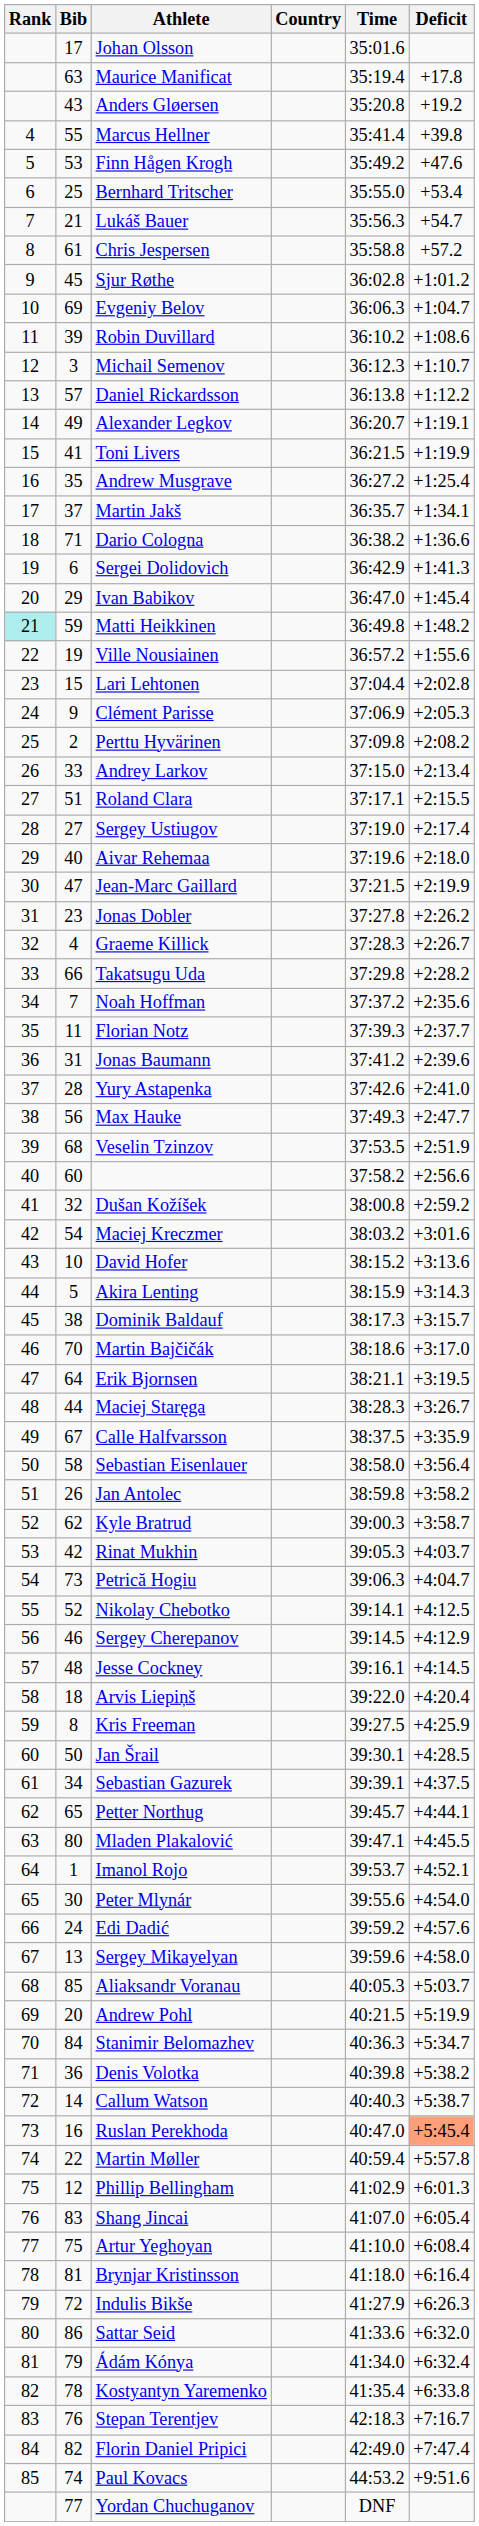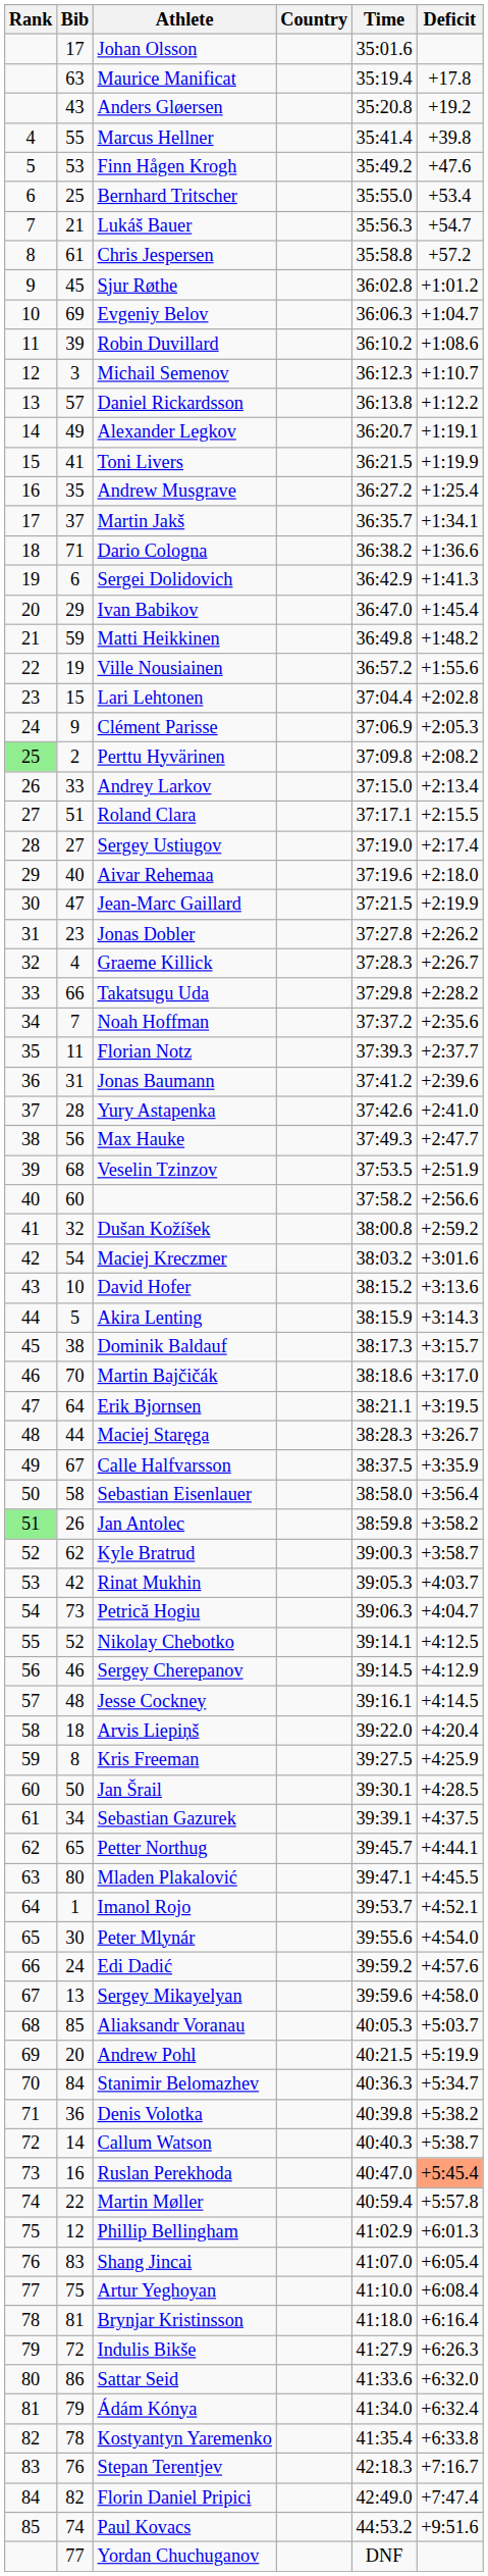 <table class="wikitable sortable" style="text-align:center">
 <tr>
 <th>Rank</th>
 <th>Bib</th>
 <th>Athlete</th>
 <th>Country</th>
 <th>Time</th>
 <th>Deficit</th>
 </tr>
 <tr>
 <td></td>
 <td>17</td>
 <td align=left><a href='#'>Johan Olsson</a></td>
 <td align=left></td>
 <td>35:01.6</td>
 <td></td>
 </tr>
 <tr>
 <td></td>
 <td>63</td>
 <td align=left><a href='#'>Maurice Manificat</a></td>
 <td align=left></td>
 <td>35:19.4</td>
 <td>+17.8</td>
 </tr>
 <tr>
 <td></td>
 <td>43</td>
 <td align=left><a href='#'>Anders Gløersen</a></td>
 <td align=left></td>
 <td>35:20.8</td>
 <td>+19.2</td>
 </tr>
 <tr>
 <td>4</td>
 <td>55</td>
 <td align=left><a href='#'>Marcus Hellner</a></td>
 <td align=left></td>
 <td>35:41.4</td>
 <td>+39.8</td>
 </tr>
 <tr>
 <td>5</td>
 <td>53</td>
 <td align=left><a href='#'>Finn Hågen Krogh</a></td>
 <td align=left></td>
 <td>35:49.2</td>
 <td>+47.6</td>
 </tr>
 <tr>
 <td>6</td>
 <td>25</td>
 <td align=left><a href='#'>Bernhard Tritscher</a></td>
 <td align=left></td>
 <td>35:55.0</td>
 <td>+53.4</td>
 </tr>
 <tr>
 <td>7</td>
 <td>21</td>
 <td align=left><a href='#'>Lukáš Bauer</a></td>
 <td align=left></td>
 <td>35:56.3</td>
 <td>+54.7</td>
 </tr>
 <tr>
 <td>8</td>
 <td>61</td>
 <td align=left><a href='#'>Chris Jespersen</a></td>
 <td align=left></td>
 <td>35:58.8</td>
 <td>+57.2</td>
 </tr>
 <tr>
 <td>9</td>
 <td>45</td>
 <td align=left><a href='#'>Sjur Røthe</a></td>
 <td align=left></td>
 <td>36:02.8</td>
 <td>+1:01.2</td>
 </tr>
 <tr>
 <td>10</td>
 <td>69</td>
 <td align=left><a href='#'>Evgeniy Belov</a></td>
 <td align=left></td>
 <td>36:06.3</td>
 <td>+1:04.7</td>
 </tr>
 <tr>
 <td>11</td>
 <td>39</td>
 <td align=left><a href='#'>Robin Duvillard</a></td>
 <td align=left></td>
 <td>36:10.2</td>
 <td>+1:08.6</td>
 </tr>
 <tr>
 <td>12</td>
 <td>3</td>
 <td align=left><a href='#'>Michail Semenov</a></td>
 <td align=left></td>
 <td>36:12.3</td>
 <td>+1:10.7</td>
 </tr>
 <tr>
 <td>13</td>
 <td>57</td>
 <td align=left><a href='#'>Daniel Rickardsson</a></td>
 <td align=left></td>
 <td>36:13.8</td>
 <td>+1:12.2</td>
 </tr>
 <tr>
 <td>14</td>
 <td>49</td>
 <td align=left><a href='#'>Alexander Legkov</a></td>
 <td align=left></td>
 <td>36:20.7</td>
 <td>+1:19.1</td>
 </tr>
 <tr>
 <td>15</td>
 <td>41</td>
 <td align=left><a href='#'>Toni Livers</a></td>
 <td align=left></td>
 <td>36:21.5</td>
 <td>+1:19.9</td>
 </tr>
 <tr>
 <td>16</td>
 <td>35</td>
 <td align=left><a href='#'>Andrew Musgrave</a></td>
 <td align=left></td>
 <td>36:27.2</td>
 <td>+1:25.4</td>
 </tr>
 <tr>
 <td>17</td>
 <td>37</td>
 <td align=left><a href='#'>Martin Jakš</a></td>
 <td align=left></td>
 <td>36:35.7</td>
 <td>+1:34.1</td>
 </tr>
 <tr>
 <td>18</td>
 <td>71</td>
 <td align=left><a href='#'>Dario Cologna</a></td>
 <td align=left></td>
 <td>36:38.2</td>
 <td>+1:36.6</td>
 </tr>
 <tr>
 <td>19</td>
 <td>6</td>
 <td align=left><a href='#'>Sergei Dolidovich</a></td>
 <td align=left></td>
 <td>36:42.9</td>
 <td>+1:41.3</td>
 </tr>
 <tr>
 <td>20</td>
 <td>29</td>
 <td align=left><a href='#'>Ivan Babikov</a></td>
 <td align=left></td>
 <td>36:47.0</td>
 <td>+1:45.4</td>
 </tr>
 <tr>
-<td style="background: paleturquoise;">21</td>
+<td>21</td>
 <td>59</td>
 <td align=left><a href='#'>Matti Heikkinen</a></td>
 <td align=left></td>
 <td>36:49.8</td>
 <td>+1:48.2</td>
 </tr>
 <tr>
 <td>22</td>
 <td>19</td>
 <td align=left><a href='#'>Ville Nousiainen</a></td>
 <td align=left></td>
 <td>36:57.2</td>
 <td>+1:55.6</td>
 </tr>
 <tr>
 <td>23</td>
 <td>15</td>
 <td align=left><a href='#'>Lari Lehtonen</a></td>
 <td align=left></td>
 <td>37:04.4</td>
 <td>+2:02.8</td>
 </tr>
 <tr>
 <td>24</td>
 <td>9</td>
 <td align=left><a href='#'>Clément Parisse</a></td>
 <td align=left></td>
 <td>37:06.9</td>
 <td>+2:05.3</td>
 </tr>
 <tr>
-<td>25</td>
+<td style="background: lightgreen;">25</td>
 <td>2</td>
 <td align=left><a href='#'>Perttu Hyvärinen</a></td>
 <td align=left></td>
 <td>37:09.8</td>
 <td>+2:08.2</td>
 </tr>
 <tr>
 <td>26</td>
 <td>33</td>
 <td align=left><a href='#'>Andrey Larkov</a></td>
 <td align=left></td>
 <td>37:15.0</td>
 <td>+2:13.4</td>
 </tr>
 <tr>
 <td>27</td>
 <td>51</td>
 <td align=left><a href='#'>Roland Clara</a></td>
 <td align=left></td>
 <td>37:17.1</td>
 <td>+2:15.5</td>
 </tr>
 <tr>
 <td>28</td>
 <td>27</td>
 <td align=left><a href='#'>Sergey Ustiugov</a></td>
 <td align=left></td>
 <td>37:19.0</td>
 <td>+2:17.4</td>
 </tr>
 <tr>
 <td>29</td>
 <td>40</td>
 <td align=left><a href='#'>Aivar Rehemaa</a></td>
 <td align=left></td>
 <td>37:19.6</td>
 <td>+2:18.0</td>
 </tr>
 <tr>
 <td>30</td>
 <td>47</td>
 <td align=left><a href='#'>Jean-Marc Gaillard</a></td>
 <td align=left></td>
 <td>37:21.5</td>
 <td>+2:19.9</td>
 </tr>
 <tr>
 <td>31</td>
 <td>23</td>
 <td align=left><a href='#'>Jonas Dobler</a></td>
 <td align=left></td>
 <td>37:27.8</td>
 <td>+2:26.2</td>
 </tr>
 <tr>
 <td>32</td>
 <td>4</td>
 <td align=left><a href='#'>Graeme Killick</a></td>
 <td align=left></td>
 <td>37:28.3</td>
 <td>+2:26.7</td>
 </tr>
 <tr>
 <td>33</td>
 <td>66</td>
 <td align=left><a href='#'>Takatsugu Uda</a></td>
 <td align=left></td>
 <td>37:29.8</td>
 <td>+2:28.2</td>
 </tr>
 <tr>
 <td>34</td>
 <td>7</td>
 <td align=left><a href='#'>Noah Hoffman</a></td>
 <td align=left></td>
 <td>37:37.2</td>
 <td>+2:35.6</td>
 </tr>
 <tr>
 <td>35</td>
 <td>11</td>
 <td align=left><a href='#'>Florian Notz</a></td>
 <td align=left></td>
 <td>37:39.3</td>
 <td>+2:37.7</td>
 </tr>
 <tr>
 <td>36</td>
 <td>31</td>
 <td align=left><a href='#'>Jonas Baumann</a></td>
 <td align=left></td>
 <td>37:41.2</td>
 <td>+2:39.6</td>
 </tr>
 <tr>
 <td>37</td>
 <td>28</td>
 <td align=left><a href='#'>Yury Astapenka</a></td>
 <td align=left></td>
 <td>37:42.6</td>
 <td>+2:41.0</td>
 </tr>
 <tr>
 <td>38</td>
 <td>56</td>
 <td align=left><a href='#'>Max Hauke</a></td>
 <td align=left></td>
 <td>37:49.3</td>
 <td>+2:47.7</td>
 </tr>
 <tr>
 <td>39</td>
 <td>68</td>
 <td align=left><a href='#'>Veselin Tzinzov</a></td>
 <td align=left></td>
 <td>37:53.5</td>
 <td>+2:51.9</td>
 </tr>
 <tr>
 <td>40</td>
 <td>60</td>
 <td align=left></td>
 <td align=left></td>
 <td>37:58.2</td>
 <td>+2:56.6</td>
 </tr>
 <tr>
 <td>41</td>
 <td>32</td>
 <td align=left><a href='#'>Dušan Kožíšek</a></td>
 <td align=left></td>
 <td>38:00.8</td>
 <td>+2:59.2</td>
 </tr>
 <tr>
 <td>42</td>
 <td>54</td>
 <td align=left><a href='#'>Maciej Kreczmer</a></td>
 <td align=left></td>
 <td>38:03.2</td>
 <td>+3:01.6</td>
 </tr>
 <tr>
 <td>43</td>
 <td>10</td>
 <td align=left><a href='#'>David Hofer</a></td>
 <td align=left></td>
 <td>38:15.2</td>
 <td>+3:13.6</td>
 </tr>
 <tr>
 <td>44</td>
 <td>5</td>
 <td align=left><a href='#'>Akira Lenting</a></td>
 <td align=left></td>
 <td>38:15.9</td>
 <td>+3:14.3</td>
 </tr>
 <tr>
 <td>45</td>
 <td>38</td>
 <td align=left><a href='#'>Dominik Baldauf</a></td>
 <td align=left></td>
 <td>38:17.3</td>
 <td>+3:15.7</td>
 </tr>
 <tr>
 <td>46</td>
 <td>70</td>
 <td align=left><a href='#'>Martin Bajčičák</a></td>
 <td align=left></td>
 <td>38:18.6</td>
 <td>+3:17.0</td>
 </tr>
 <tr>
 <td>47</td>
 <td>64</td>
 <td align=left><a href='#'>Erik Bjornsen</a></td>
 <td align=left></td>
 <td>38:21.1</td>
 <td>+3:19.5</td>
 </tr>
 <tr>
 <td>48</td>
 <td>44</td>
 <td align=left><a href='#'>Maciej Staręga</a></td>
 <td align=left></td>
 <td>38:28.3</td>
 <td>+3:26.7</td>
 </tr>
 <tr>
 <td>49</td>
 <td>67</td>
 <td align=left><a href='#'>Calle Halfvarsson</a></td>
 <td align=left></td>
 <td>38:37.5</td>
 <td>+3:35.9</td>
 </tr>
 <tr>
 <td>50</td>
 <td>58</td>
 <td align=left><a href='#'>Sebastian Eisenlauer</a></td>
 <td align=left></td>
 <td>38:58.0</td>
 <td>+3:56.4</td>
 </tr>
 <tr>
-<td>51</td>
+<td style="background: lightgreen;">51</td>
 <td>26</td>
 <td align=left><a href='#'>Jan Antolec</a></td>
 <td align=left></td>
 <td>38:59.8</td>
 <td>+3:58.2</td>
 </tr>
 <tr>
 <td>52</td>
 <td>62</td>
 <td align=left><a href='#'>Kyle Bratrud</a></td>
 <td align=left></td>
 <td>39:00.3</td>
 <td>+3:58.7</td>
 </tr>
 <tr>
 <td>53</td>
 <td>42</td>
 <td align=left><a href='#'>Rinat Mukhin</a></td>
 <td align=left></td>
 <td>39:05.3</td>
 <td>+4:03.7</td>
 </tr>
 <tr>
 <td>54</td>
 <td>73</td>
 <td align=left><a href='#'>Petrică Hogiu</a></td>
 <td align=left></td>
 <td>39:06.3</td>
 <td>+4:04.7</td>
 </tr>
 <tr>
 <td>55</td>
 <td>52</td>
 <td align=left><a href='#'>Nikolay Chebotko</a></td>
 <td align=left></td>
 <td>39:14.1</td>
 <td>+4:12.5</td>
 </tr>
 <tr>
 <td>56</td>
 <td>46</td>
 <td align=left><a href='#'>Sergey Cherepanov</a></td>
 <td align=left></td>
 <td>39:14.5</td>
 <td>+4:12.9</td>
 </tr>
 <tr>
 <td>57</td>
 <td>48</td>
 <td align=left><a href='#'>Jesse Cockney</a></td>
 <td align=left></td>
 <td>39:16.1</td>
 <td>+4:14.5</td>
 </tr>
 <tr>
 <td>58</td>
 <td>18</td>
 <td align=left><a href='#'>Arvis Liepiņš</a></td>
 <td align=left></td>
 <td>39:22.0</td>
 <td>+4:20.4</td>
 </tr>
 <tr>
 <td>59</td>
 <td>8</td>
 <td align=left><a href='#'>Kris Freeman</a></td>
 <td align=left></td>
 <td>39:27.5</td>
 <td>+4:25.9</td>
 </tr>
 <tr>
 <td>60</td>
 <td>50</td>
 <td align=left><a href='#'>Jan Šrail</a></td>
 <td align=left></td>
 <td>39:30.1</td>
 <td>+4:28.5</td>
 </tr>
 <tr>
 <td>61</td>
 <td>34</td>
 <td align=left><a href='#'>Sebastian Gazurek</a></td>
 <td align=left></td>
 <td>39:39.1</td>
 <td>+4:37.5</td>
 </tr>
 <tr>
 <td>62</td>
 <td>65</td>
 <td align=left><a href='#'>Petter Northug</a></td>
 <td align=left></td>
 <td>39:45.7</td>
 <td>+4:44.1</td>
 </tr>
 <tr>
 <td>63</td>
 <td>80</td>
 <td align=left><a href='#'>Mladen Plakalović</a></td>
 <td align=left></td>
 <td>39:47.1</td>
 <td>+4:45.5</td>
 </tr>
 <tr>
 <td>64</td>
 <td>1</td>
 <td align=left><a href='#'>Imanol Rojo</a></td>
 <td align=left></td>
 <td>39:53.7</td>
 <td>+4:52.1</td>
 </tr>
 <tr>
 <td>65</td>
 <td>30</td>
 <td align=left><a href='#'>Peter Mlynár</a></td>
 <td align=left></td>
 <td>39:55.6</td>
 <td>+4:54.0</td>
 </tr>
 <tr>
 <td>66</td>
 <td>24</td>
 <td align=left><a href='#'>Edi Dadić</a></td>
 <td align=left></td>
 <td>39:59.2</td>
 <td>+4:57.6</td>
 </tr>
 <tr>
 <td>67</td>
 <td>13</td>
 <td align=left><a href='#'>Sergey Mikayelyan</a></td>
 <td align=left></td>
 <td>39:59.6</td>
 <td>+4:58.0</td>
 </tr>
 <tr>
 <td>68</td>
 <td>85</td>
 <td align=left><a href='#'>Aliaksandr Voranau</a></td>
 <td align=left></td>
 <td>40:05.3</td>
 <td>+5:03.7</td>
 </tr>
 <tr>
 <td>69</td>
 <td>20</td>
 <td align=left><a href='#'>Andrew Pohl</a></td>
 <td align=left></td>
 <td>40:21.5</td>
 <td>+5:19.9</td>
 </tr>
 <tr>
 <td>70</td>
 <td>84</td>
 <td align=left><a href='#'>Stanimir Belomazhev</a></td>
 <td align=left></td>
 <td>40:36.3</td>
 <td>+5:34.7</td>
 </tr>
 <tr>
 <td>71</td>
 <td>36</td>
 <td align=left><a href='#'>Denis Volotka</a></td>
 <td align=left></td>
 <td>40:39.8</td>
 <td>+5:38.2</td>
 </tr>
 <tr>
 <td>72</td>
 <td>14</td>
 <td align=left><a href='#'>Callum Watson</a></td>
 <td align=left></td>
 <td>40:40.3</td>
 <td>+5:38.7</td>
 </tr>
 <tr>
 <td>73</td>
 <td>16</td>
 <td align=left><a href='#'>Ruslan Perekhoda</a></td>
 <td align=left></td>
 <td>40:47.0</td>
 <td style="background: lightsalmon;">+5:45.4</td>
 </tr>
 <tr>
 <td>74</td>
 <td>22</td>
 <td align=left><a href='#'>Martin Møller</a></td>
 <td align=left></td>
 <td>40:59.4</td>
 <td>+5:57.8</td>
 </tr>
 <tr>
 <td>75</td>
 <td>12</td>
 <td align=left><a href='#'>Phillip Bellingham</a></td>
 <td align=left></td>
 <td>41:02.9</td>
 <td>+6:01.3</td>
 </tr>
 <tr>
 <td>76</td>
 <td>83</td>
 <td align=left><a href='#'>Shang Jincai</a></td>
 <td align=left></td>
 <td>41:07.0</td>
 <td>+6:05.4</td>
 </tr>
 <tr>
 <td>77</td>
 <td>75</td>
 <td align=left><a href='#'>Artur Yeghoyan</a></td>
 <td align=left></td>
 <td>41:10.0</td>
 <td>+6:08.4</td>
 </tr>
 <tr>
 <td>78</td>
 <td>81</td>
 <td align=left><a href='#'>Brynjar Kristinsson</a></td>
 <td align=left></td>
 <td>41:18.0</td>
 <td>+6:16.4</td>
 </tr>
 <tr>
 <td>79</td>
 <td>72</td>
 <td align=left><a href='#'>Indulis Bikše</a></td>
 <td align=left></td>
 <td>41:27.9</td>
 <td>+6:26.3</td>
 </tr>
 <tr>
 <td>80</td>
 <td>86</td>
 <td align=left><a href='#'>Sattar Seid</a></td>
 <td align=left></td>
 <td>41:33.6</td>
 <td>+6:32.0</td>
 </tr>
 <tr>
 <td>81</td>
 <td>79</td>
 <td align=left><a href='#'>Ádám Kónya</a></td>
 <td align=left></td>
 <td>41:34.0</td>
 <td>+6:32.4</td>
 </tr>
 <tr>
 <td>82</td>
 <td>78</td>
 <td align=left><a href='#'>Kostyantyn Yaremenko</a></td>
 <td align=left></td>
 <td>41:35.4</td>
 <td>+6:33.8</td>
 </tr>
 <tr>
 <td>83</td>
 <td>76</td>
 <td align=left><a href='#'>Stepan Terentjev</a></td>
 <td align=left></td>
 <td>42:18.3</td>
 <td>+7:16.7</td>
 </tr>
 <tr>
 <td>84</td>
 <td>82</td>
 <td align=left><a href='#'>Florin Daniel Pripici</a></td>
 <td align=left></td>
 <td>42:49.0</td>
 <td>+7:47.4</td>
 </tr>
 <tr>
 <td>85</td>
 <td>74</td>
 <td align=left><a href='#'>Paul Kovacs</a></td>
 <td align=left></td>
 <td>44:53.2</td>
 <td>+9:51.6</td>
 </tr>
 <tr>
 <td></td>
 <td>77</td>
 <td align=left><a href='#'>Yordan Chuchuganov</a></td>
 <td align=left></td>
 <td>DNF</td>
 <td></td>
 </tr>
 </table>
